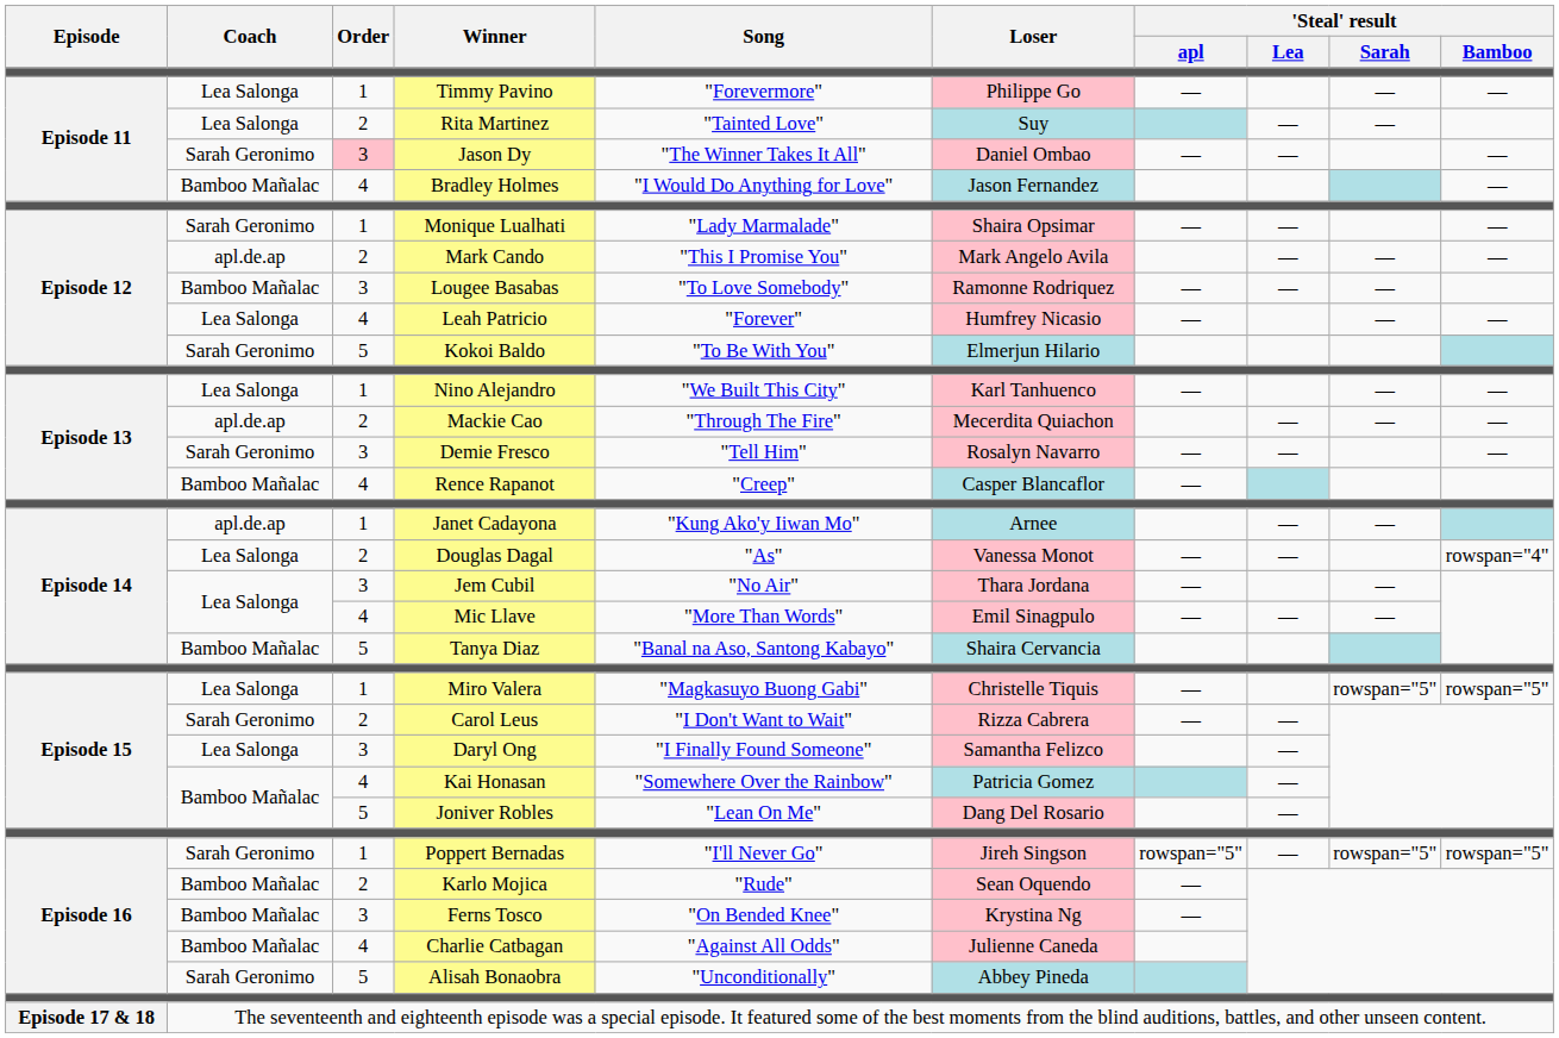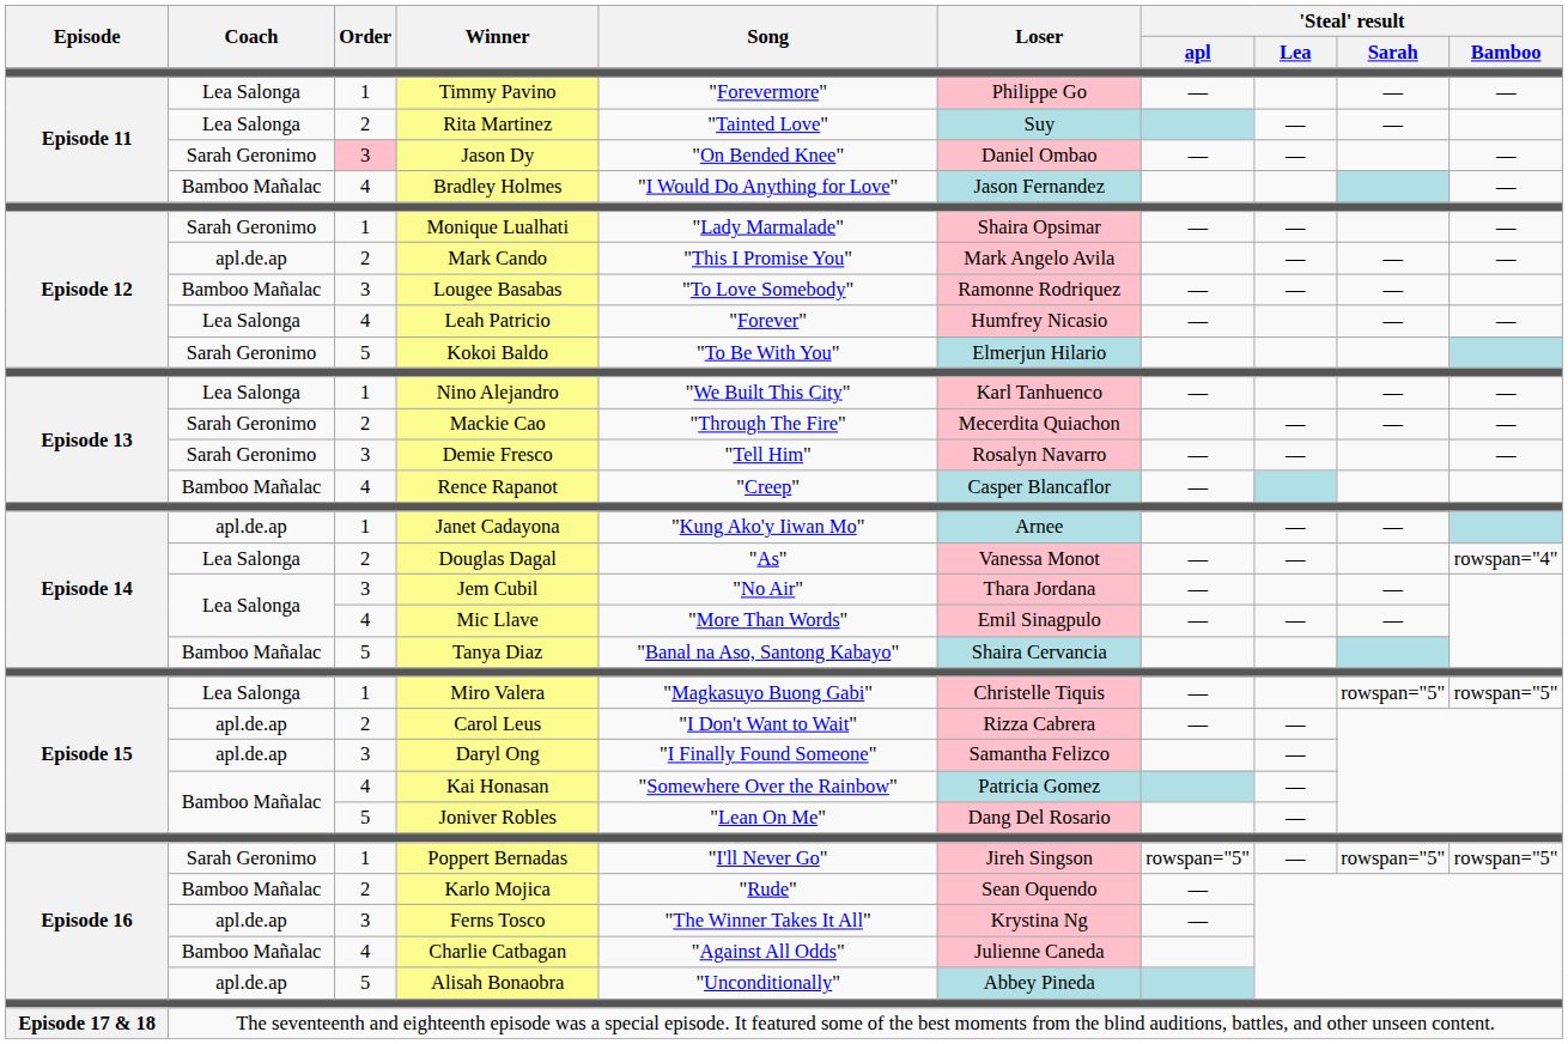 <table class="wikitable" style="text-align: center; width:100%;">
 <tr>
 <th rowspan="2" style="width:12%;">Episode</th>
 <th rowspan="2" style="width:12%;">Coach</th>
 <th rowspan="2" style="width:04%;">Order</th>
 <th rowspan="2" style="width:15%;">Winner</th>
 <th rowspan="2" style="width:25%;">Song</th>
 <th rowspan="2" style="width:15%;">Loser</th>
 <th colspan="4">'Steal' result</th>
 </tr>
 <tr>
 <th style="width:06%;"><a href='#'>apl</a></th>
 <th style="width:06%;"><a href='#'>Lea</a></th>
 <th style="width:06%;"><a href='#'>Sarah</a></th>
 <th style="width:06%;"><a href='#'>Bamboo</a></th>
 </tr>
 <tr>
 <td colspan="10" style="background:#555;"></td>
 </tr>
 <tr>
 <th rowspan="4">Episode 11<br><small></small></th>
 <td>Lea Salonga</td>
 <td>1</td>
 <td style="background:#FDFC8F;">Timmy Pavino</td>
 <td>"<a href='#'>Forevermore</a>"</td>
 <td style="background:pink">Philippe Go</td>
 <td>—</td>
 <td></td>
 <td>—</td>
 <td>—</td>
 </tr>
 <tr>
 <td>Lea Salonga</td>
 <td>2</td>
 <td style="background:#FDFC8F;">Rita Martinez</td>
 <td>"<a href='#'>Tainted Love</a>"</td>
 <td style="background:#B0E0E6;">Suy</td>
 <td style="background:#B0E0E6;"><strong></strong></td>
 <td>—</td>
 <td>—</td>
 <td></td>
 </tr>
 <tr>
 <td>Sarah Geronimo</td>
 <td style="background: pink;">3</td>
 <td style="background:#FDFC8F;">Jason Dy</td>
-<td>"<a href='#'>The Winner Takes It All</a>"</td>
+<td>"<a href='#'>On Bended Knee</a>"</td>
 <td style="background:pink">Daniel Ombao</td>
 <td>—</td>
 <td>—</td>
 <td></td>
 <td>—</td>
 </tr>
 <tr>
 <td>Bamboo Mañalac</td>
 <td>4</td>
 <td style="background:#FDFC8F;">Bradley Holmes</td>
 <td>"<a href='#'>I Would Do Anything for Love</a>"</td>
 <td style="background:#B0E0E6;">Jason Fernandez</td>
 <td></td>
 <td><strong></strong></td>
 <td style="background:#B0E0E6;"><strong></strong></td>
 <td>—</td>
 </tr>
 <tr>
 <td colspan="10" style="background:#555;"></td>
 </tr>
 <tr>
 <th rowspan="5">Episode 12<br><small></small></th>
 <td>Sarah Geronimo</td>
 <td>1</td>
 <td style="background:#FDFC8F;">Monique Lualhati</td>
 <td>"<a href='#'>Lady Marmalade</a>"</td>
 <td style="background:pink">Shaira Opsimar</td>
 <td>—</td>
 <td>—</td>
 <td></td>
 <td>—</td>
 </tr>
 <tr>
 <td>apl.de.ap</td>
 <td>2</td>
 <td style="background:#FDFC8F;">Mark Cando</td>
 <td>"<a href='#'>This I Promise You</a>"</td>
 <td style="background:pink">Mark Angelo Avila</td>
 <td></td>
 <td>—</td>
 <td>—</td>
 <td>—</td>
 </tr>
 <tr>
 <td>Bamboo Mañalac</td>
 <td>3</td>
 <td style="background:#FDFC8F;">Lougee Basabas</td>
 <td>"<a href='#'>To Love Somebody</a>"</td>
 <td style="background:pink">Ramonne Rodriquez</td>
 <td>—</td>
 <td>—</td>
 <td>—</td>
 <td></td>
 </tr>
 <tr>
 <td>Lea Salonga</td>
 <td>4</td>
 <td style="background:#FDFC8F;">Leah Patricio</td>
 <td>"<a href='#'>Forever</a>"</td>
 <td style="background:pink">Humfrey Nicasio</td>
 <td>—</td>
 <td></td>
 <td>—</td>
 <td>—</td>
 </tr>
 <tr>
 <td>Sarah Geronimo</td>
 <td>5</td>
 <td style="background:#FDFC8F;">Kokoi Baldo</td>
 <td>"<a href='#'>To Be With You</a>"</td>
 <td style="background:#B0E0E6;">Elmerjun Hilario</td>
 <td><strong></strong></td>
 <td><strong></strong></td>
 <td></td>
 <td style="background:#B0E0E6;"><strong></strong></td>
 </tr>
 <tr>
 <td colspan="10" style="background:#555;"></td>
 </tr>
 <tr>
 <th rowspan="4">Episode 13<br><small></small></th>
 <td>Lea Salonga</td>
 <td>1</td>
 <td style="background:#FDFC8F;">Nino Alejandro</td>
 <td>"<a href='#'>We Built This City</a>"</td>
 <td style="background:pink">Karl Tanhuenco</td>
 <td>—</td>
 <td></td>
 <td>—</td>
 <td>—</td>
 </tr>
 <tr>
-<td>apl.de.ap</td>
+<td>Sarah Geronimo</td>
 <td>2</td>
 <td style="background:#FDFC8F;">Mackie Cao</td>
 <td>"<a href='#'>Through The Fire</a>"</td>
 <td style="background:pink">Mecerdita Quiachon</td>
 <td></td>
 <td>—</td>
 <td>—</td>
 <td>—</td>
 </tr>
 <tr>
 <td>Sarah Geronimo</td>
 <td>3</td>
 <td style="background:#FDFC8F;">Demie Fresco</td>
 <td>"<a href='#'>Tell Him</a>"</td>
 <td style="background:pink">Rosalyn Navarro</td>
 <td>—</td>
 <td>—</td>
 <td></td>
 <td>—</td>
 </tr>
 <tr>
 <td>Bamboo Mañalac</td>
 <td>4</td>
 <td style="background:#FDFC8F;">Rence Rapanot</td>
 <td>"<a href='#'>Creep</a>"</td>
 <td style="background:#B0E0E6;">Casper Blancaflor</td>
 <td>—</td>
 <td style="background:#B0E0E6;"><strong></strong></td>
 <td><strong></strong></td>
 <td></td>
 </tr>
 <tr>
 <th colspan="10" style="background:#555;"></th>
 </tr>
 <tr>
 <th rowspan="5">Episode 14<br><small></small></th>
 <td>apl.de.ap</td>
 <td>1</td>
 <td style="background:#FDFC8F;">Janet Cadayona</td>
 <td>"<a href='#'>Kung Ako'y Iiwan Mo</a>"</td>
 <td style="background:#B0E0E6;">Arnee</td>
 <td></td>
 <td>—</td>
 <td>—</td>
 <td style="background:#B0E0E6;"><strong></strong></td>
 </tr>
 <tr>
 <td>Lea Salonga</td>
 <td>2</td>
 <td style="background:#FDFC8F;">Douglas Dagal</td>
 <td>"<a href='#'>As</a>"</td>
 <td style="background:pink">Vanessa Monot</td>
 <td>—</td>
 <td>—</td>
 <td></td>
 <td>rowspan="4" </td>
 </tr>
 <tr>
 <td rowspan="2">Lea Salonga</td>
 <td>3</td>
 <td style="background:#FDFC8F;">Jem Cubil</td>
 <td>"<a href='#'>No Air</a>"</td>
 <td style="background:pink">Thara Jordana</td>
 <td>—</td>
 <td></td>
 <td>—</td>
 </tr>
 <tr>
 <td>4</td>
 <td style="background:#FDFC8F;">Mic Llave</td>
 <td>"<a href='#'>More Than Words</a>"</td>
 <td style="background:pink">Emil Sinagpulo</td>
 <td>—</td>
 <td>—</td>
 <td>—</td>
 </tr>
 <tr>
 <td>Bamboo Mañalac</td>
 <td>5</td>
 <td style="background:#FDFC8F;">Tanya Diaz</td>
 <td>"<a href='#'>Banal na Aso, Santong Kabayo</a>"</td>
 <td style="background:#B0E0E6;">Shaira Cervancia</td>
 <td><strong></strong></td>
 <td><strong></strong></td>
 <td style="background:#B0E0E6;"><strong></strong></td>
 </tr>
 <tr>
 <th colspan="10" style="background:#555;"></th>
 </tr>
 <tr>
 <th rowspan="5">Episode 15<br><small></small></th>
 <td>Lea Salonga</td>
 <td>1</td>
 <td style="background:#FDFC8F;">Miro Valera</td>
 <td>"<a href='#'>Magkasuyo Buong Gabi</a>"</td>
 <td style="background:pink">Christelle Tiquis</td>
 <td>—</td>
 <td></td>
 <td>rowspan="5" </td>
 <td>rowspan="5" </td>
 </tr>
 <tr>
-<td>Sarah Geronimo</td>
+<td>apl.de.ap</td>
 <td>2</td>
 <td style="background:#FDFC8F;">Carol Leus</td>
 <td>"<a href='#'>I Don't Want to Wait</a>"</td>
 <td style="background:pink">Rizza Cabrera</td>
 <td>—</td>
 <td>—</td>
 </tr>
 <tr>
-<td>Lea Salonga</td>
+<td>apl.de.ap</td>
 <td>3</td>
 <td style="background:#FDFC8F;">Daryl Ong</td>
 <td>"<a href='#'>I Finally Found Someone</a>"</td>
 <td style="background:pink">Samantha Felizco</td>
 <td></td>
 <td>—</td>
 </tr>
 <tr>
 <td rowspan="2">Bamboo Mañalac</td>
 <td>4</td>
 <td style="background:#FDFC8F;">Kai Honasan</td>
 <td>"<a href='#'>Somewhere Over the Rainbow</a>"</td>
 <td style="background:#B0E0E6;">Patricia Gomez</td>
 <td style="background:#B0E0E6;"><strong></strong></td>
 <td>—</td>
 </tr>
 <tr>
 <td>5</td>
 <td style="background:#FDFC8F;">Joniver Robles</td>
 <td>"<a href='#'>Lean On Me</a>"</td>
 <td style="background:pink">Dang Del Rosario</td>
 <td></td>
 <td>—</td>
 </tr>
 <tr>
 <th colspan="10" style="background:#555;"></th>
 </tr>
 <tr>
 <th rowspan="5">Episode 16<br><small></small></th>
 <td>Sarah Geronimo</td>
 <td>1</td>
 <td style="background:#FDFC8F;">Poppert Bernadas</td>
 <td>"<a href='#'>I'll Never Go</a>"</td>
 <td style="background:pink">Jireh Singson</td>
 <td>rowspan="5" </td>
 <td>—</td>
 <td>rowspan="5" </td>
 <td>rowspan="5" </td>
 </tr>
 <tr>
 <td>Bamboo Mañalac</td>
 <td>2</td>
 <td style="background:#FDFC8F;">Karlo Mojica</td>
 <td>"<a href='#'>Rude</a>"</td>
 <td style="background:pink">Sean Oquendo</td>
 <td>—</td>
 </tr>
 <tr>
-<td>Bamboo Mañalac</td>
+<td>apl.de.ap</td>
 <td>3</td>
 <td style="background:#FDFC8F;">Ferns Tosco</td>
-<td>"<a href='#'>On Bended Knee</a>"</td>
+<td>"<a href='#'>The Winner Takes It All</a>"</td>
 <td style="background:pink">Krystina Ng</td>
 <td>—</td>
 </tr>
 <tr>
 <td>Bamboo Mañalac</td>
 <td>4</td>
 <td style="background:#FDFC8F;">Charlie Catbagan</td>
 <td>"<a href='#'>Against All Odds</a>"</td>
 <td style="background:pink">Julienne Caneda</td>
 <td></td>
 </tr>
 <tr>
-<td>Sarah Geronimo</td>
+<td>apl.de.ap</td>
 <td>5</td>
 <td style="background:#FDFC8F;">Alisah Bonaobra</td>
 <td>"<a href='#'>Unconditionally</a>"</td>
 <td style="background:#B0E0E6;">Abbey Pineda</td>
 <td style="background:#B0E0E6;"><strong></strong></td>
 </tr>
 <tr>
 <th colspan="10" style="background:#555;"></th>
 </tr>
 <tr>
 <th>Episode 17 & 18<br><small></small></th>
 <td colspan="9">The seventeenth and eighteenth episode was a special episode. It featured some of the best moments from the blind auditions, battles, and other unseen content.</td>
 </tr>
 </table>
